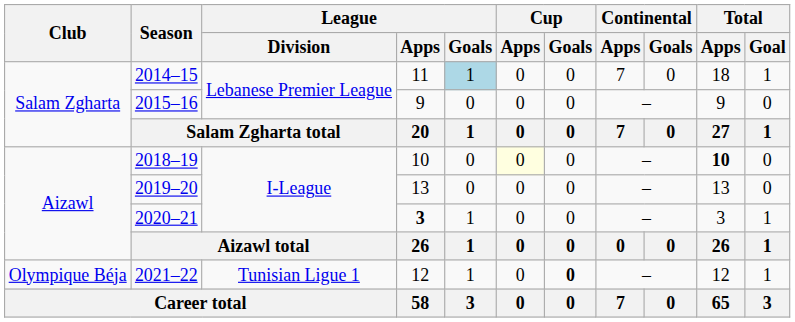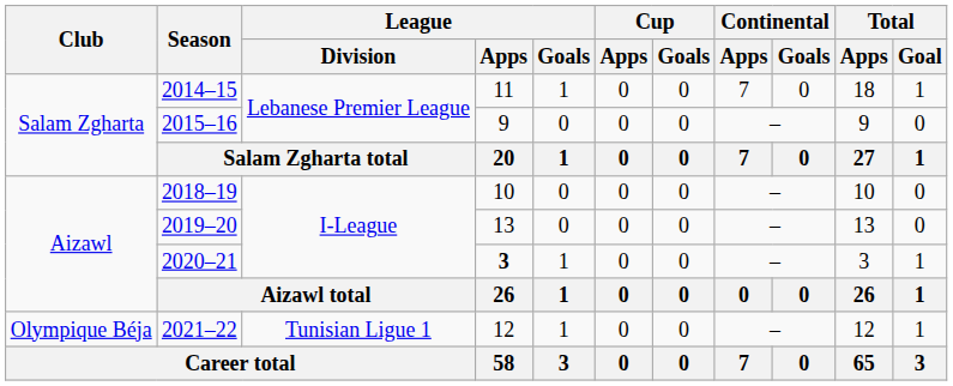 <table class="wikitable" style="text-align: center;">
 <tr>
 <th rowspan="2">Club</th>
 <th rowspan="2">Season</th>
 <th colspan="3">League</th>
 <th colspan="2">Cup</th>
 <th colspan="2">Continental</th>
 <th colspan="2">Total</th>
 </tr>
 <tr>
 <th>Division</th>
 <th>Apps</th>
 <th>Goals</th>
 <th>Apps</th>
 <th>Goals</th>
 <th>Apps</th>
 <th>Goals</th>
 <th>Apps</th>
 <th>Goal</th>
 </tr>
 <tr>
 <td rowspan="3"><a href='#'>Salam Zgharta</a></td>
 <td><a href='#'>2014–15</a></td>
 <td rowspan="2"><a href='#'>Lebanese Premier League</a></td>
 <td>11</td>
-<td style="background: lightblue;">1</td>
+<td>1</td>
 <td>0</td>
 <td>0</td>
 <td>7</td>
 <td>0</td>
 <td>18</td>
 <td>1</td>
 </tr>
 <tr>
 <td><a href='#'>2015–16</a></td>
 <td>9</td>
 <td>0</td>
 <td>0</td>
 <td>0</td>
 <td colspan="2">–</td>
 <td>9</td>
 <td>0</td>
 </tr>
 <tr>
 <th colspan="2">Salam Zgharta total</th>
 <th>20</th>
 <th>1</th>
 <th>0</th>
 <th>0</th>
 <th>7</th>
 <th>0</th>
 <th>27</th>
 <th>1</th>
 </tr>
 <tr>
 <td rowspan="4"><a href='#'>Aizawl</a></td>
 <td><a href='#'>2018–19</a></td>
 <td rowspan="3"><a href='#'>I-League</a></td>
 <td>10</td>
 <td>0</td>
-<td style="background: lightyellow;">0</td>
+<td>0</td>
 <td>0</td>
 <td colspan="2">–</td>
-<td><strong>10</strong></td>
+<td>10</td>
 <td>0</td>
 </tr>
 <tr>
 <td><a href='#'>2019–20</a></td>
 <td>13</td>
 <td>0</td>
 <td>0</td>
 <td>0</td>
 <td colspan="2">–</td>
 <td>13</td>
 <td>0</td>
 </tr>
 <tr>
 <td><a href='#'>2020–21</a></td>
 <td><strong>3</strong></td>
 <td>1</td>
 <td>0</td>
 <td>0</td>
 <td colspan="2">–</td>
 <td>3</td>
 <td>1</td>
 </tr>
 <tr>
 <th colspan="2">Aizawl total</th>
 <th>26</th>
 <th>1</th>
 <th>0</th>
 <th>0</th>
 <th>0</th>
 <th>0</th>
 <th>26</th>
 <th>1</th>
 </tr>
 <tr>
 <td rowspan="1"><a href='#'>Olympique Béja</a></td>
 <td><a href='#'>2021–22</a></td>
 <td rowspan="1"><a href='#'>Tunisian Ligue 1</a></td>
 <td>12</td>
 <td>1</td>
 <td>0</td>
-<td><strong>0</strong></td>
+<td>0</td>
 <td colspan="2">–</td>
 <td>12</td>
 <td>1</td>
 </tr>
 <tr>
 <th colspan="3">Career total</th>
 <th>58</th>
 <th>3</th>
 <th>0</th>
 <th>0</th>
 <th>7</th>
 <th>0</th>
 <th>65</th>
 <th>3</th>
 </tr>
 </table>
